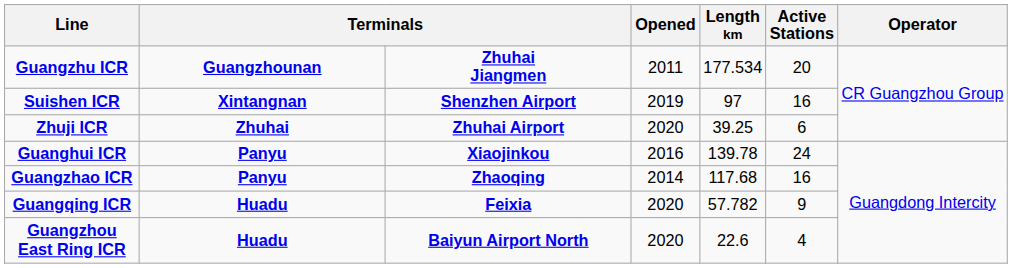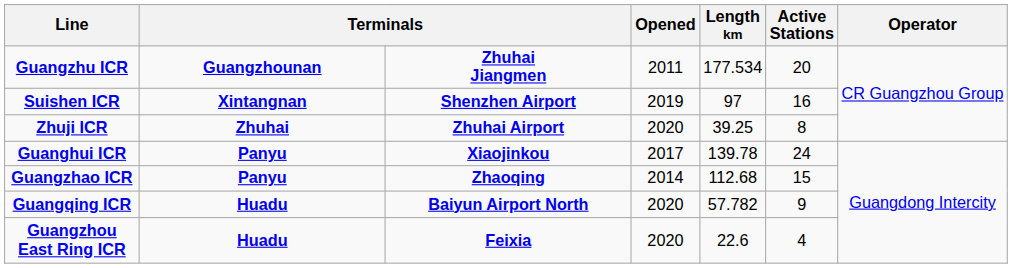 <table class="wikitable sortable" style="cell-padding:1.5; font-size:96%; text-align:center;">
 <tr>
 <th data-sort-type="text" style="width:120px;">Line</th>
 <th class="unsortable" colspan="2" style="width:450px; line-height:1.05;">Terminals</th>
 <th>Opened</th>
 <th style="line-height:1.05">Length<br><small>km</small></th>
 <th style="line-height:1.05">Active<br>Stations</th>
 <th style="line-height:1.05">Operator</th>
 </tr>
 <tr>
 <td style="text-align:center; line-height:1.05"><strong><a href='#'>Guangzhu ICR</a></strong></td>
 <td style="text-align:center; width:225px; line-height:1.05"><strong><a href='#'>Guangzhounan</a></strong></td>
 <td style="text-align:center; width:225px; line-height:1.05"><strong><a href='#'>Zhuhai</a></strong><br><strong><a href='#'>Jiangmen</a></strong></td>
 <td style="text-align:center; line-height:1.05">2011</td>
 <td style="text-align:center; line-height:1.05">177.534</td>
 <td style="text-align:center; line-height:1.05">20</td>
 <td rowspan="3" style="text-align:center; line-height:1.05"> <a href='#'>CR Guangzhou Group</a></td>
 </tr>
 <tr>
 <td><strong><a href='#'>Suishen ICR</a></strong></td>
 <td style="text-align:center; width:225px; line-height:1.05"><strong><a href='#'>Xintangnan</a></strong></td>
 <td style="text-align:center; width:225px; line-height:1.05"><strong><a href='#'>Shenzhen Airport</a></strong></td>
 <td style="text-align:center; line-height:1.05">2019</td>
 <td style="text-align:center; line-height:1.05">97</td>
 <td style="text-align:center; line-height:1.05">16</td>
 </tr>
 <tr>
 <td><strong><a href='#'>Zhuji ICR</a></strong></td>
 <td style="text-align:center; width:225px; line-height:1.05"><strong><a href='#'>Zhuhai</a></strong></td>
 <td style="text-align:center; width:225px; line-height:1.05"><strong><a href='#'>Zhuhai Airport</a></strong></td>
 <td style="text-align:center; line-height:1.05">2020</td>
 <td style="text-align:center; line-height:1.05">39.25</td>
-<td style="text-align:center; line-height:1.05">6</td>
+<td style="text-align:center; line-height:1.05">8</td>
 </tr>
 <tr>
 <td style="text-align:center; line-height:1.05"><strong><a href='#'>Guanghui ICR</a></strong></td>
 <td style="text-align:center; width:225px; line-height:1.05"><strong><a href='#'>Panyu</a></strong></td>
 <td style="text-align:center; width:225px; line-height:1.05"><strong><a href='#'>Xiaojinkou</a></strong></td>
-<td style="text-align:center; line-height:1.05">2016</td>
+<td style="text-align:center; line-height:1.05">2017</td>
 <td style="text-align:center; line-height:1.05">139.78</td>
 <td style="text-align:center; line-height:1.05">24</td>
 <td rowspan="4"> <a href='#'>Guangdong Intercity</a></td>
 </tr>
 <tr>
 <td style="text-align:center; line-height:1.05"><strong><a href='#'>Guangzhao ICR</a></strong></td>
 <td style="text-align:center; width:225px; line-height:1.05"><strong><a href='#'>Panyu</a></strong></td>
 <td style="text-align:center; width:225px; line-height:1.05"><strong><a href='#'>Zhaoqing</a></strong></td>
 <td style="text-align:center; line-height:1.05">2014</td>
-<td style="text-align:center; line-height:1.05">117.68</td>
-<td style="text-align:center; line-height:1.05">16</td>
+<td style="text-align:center; line-height:1.05">112.68</td>
+<td style="text-align:center; line-height:1.05">15</td>
 </tr>
 <tr>
 <td><strong><a href='#'>Guangqing ICR</a></strong></td>
 <td style="text-align:center; width:225px; line-height:1.05"><strong><a href='#'>Huadu</a></strong></td>
-<td style="text-align:center; width:225px; line-height:1.05"><strong><a href='#'>Feixia</a></strong></td>
+<td style="text-align:center; width:225px; line-height:1.05"><strong><a href='#'>Baiyun Airport North</a></strong></td>
 <td style="text-align:center; line-height:1.05">2020</td>
 <td style="text-align:center; line-height:1.05">57.782</td>
 <td style="text-align:center; line-height:1.05">9</td>
 </tr>
 <tr>
 <td><strong><a href='#'>Guangzhou East Ring ICR</a></strong></td>
 <td style="text-align:center; width:225px; line-height:1.05"><strong><a href='#'>Huadu</a></strong></td>
-<td style="text-align:center; width:225px; line-height:1.05"><strong><a href='#'>Baiyun Airport North</a></strong></td>
+<td style="text-align:center; width:225px; line-height:1.05"><strong><a href='#'>Feixia</a></strong></td>
 <td style="text-align:center; line-height:1.05">2020</td>
 <td style="text-align:center; line-height:1.05">22.6</td>
 <td style="text-align:center; line-height:1.05">4</td>
 </tr>
 </table>
